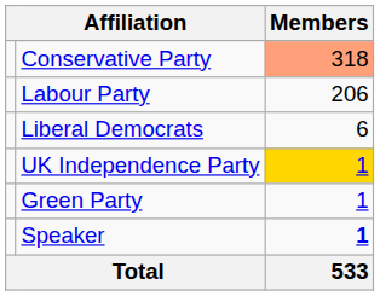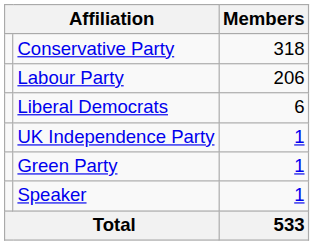 <table class="wikitable">
 <tr>
 <th colspan="2">Affiliation</th>
 <th>Members</th>
 </tr>
 <tr>
 <td style="color:inherit;background:"></td>
 <td><a href='#'>Conservative Party</a></td>
-<td style="background: lightsalmon; text-align:right;">318</td>
+<td style="text-align:right;">318</td>
 </tr>
 <tr>
 <td style="color:inherit;background:"></td>
 <td><a href='#'>Labour Party</a></td>
 <td style="text-align:right;">206</td>
 </tr>
 <tr>
 <td style="color:inherit;background:"></td>
 <td><a href='#'>Liberal Democrats</a></td>
 <td style="text-align:right;">6</td>
 </tr>
 <tr>
 <td style="color:inherit;background:"></td>
 <td><a href='#'>UK Independence Party</a></td>
-<td style="background: gold; text-align:right;"><a href='#'>1</a></td>
+<td style="text-align:right;"><a href='#'>1</a></td>
 </tr>
 <tr>
 <td style="color:inherit;background:"></td>
 <td><a href='#'>Green Party</a></td>
 <td style="text-align:right;"><a href='#'>1</a></td>
 </tr>
 <tr>
 <td style="color:inherit;background:"></td>
 <td><a href='#'>Speaker</a></td>
-<td style="text-align:right;"><strong><a href='#'>1</a></strong></td>
+<td style="text-align:right;"><a href='#'>1</a></td>
 </tr>
 <tr>
 <th colspan="2"> Total</th>
 <th style="text-align:right;">533</th>
 </tr>
 </table>
